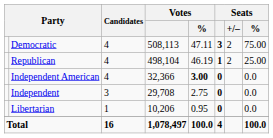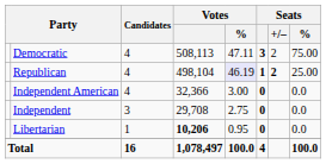 <table class="wikitable" style="font-size: 95%;">
 <tr>
 <th colspan="2" rowspan="2">Party</th>
 <th rowspan="2"><small>Candi</small><small>dates</small></th>
 <th colspan="2">Votes</th>
 <th colspan="3">Seats</th>
 </tr>
 <tr>
 <th></th>
 <th>%</th>
 <th></th>
 <th>+/–</th>
 <th>%</th>
 </tr>
 <tr>
 <td style="background:"></td>
 <td align="left"><a href='#'>Democratic</a></td>
 <td>4</td>
 <td>508,113</td>
 <td>47.11</td>
 <td><strong>3</strong></td>
 <td> 2</td>
 <td>75.00</td>
 </tr>
 <tr>
 <td style="background:"></td>
 <td align="left"><a href='#'>Republican</a></td>
 <td>4</td>
 <td>498,104</td>
-<td>46.19</td>
+<td style="background: lavender;">46.19</td>
 <td><strong>1</strong></td>
-<td> 2</td>
+<td><strong> 2</strong></td>
 <td>25.00</td>
 </tr>
 <tr>
 <td style="background:"></td>
 <td align="left"><a href='#'>Independent American</a></td>
 <td>4</td>
 <td>32,366</td>
-<td><strong>3.00</strong></td>
+<td>3.00</td>
 <td><strong>0</strong></td>
 <td></td>
 <td>0.0</td>
 </tr>
 <tr>
 <td style="background:"></td>
 <td align="left"><a href='#'>Independent</a></td>
 <td>3</td>
 <td>29,708</td>
 <td>2.75</td>
 <td><strong>0</strong></td>
 <td></td>
 <td>0.0</td>
 </tr>
 <tr>
 <td style="background:"></td>
 <td align="left"><a href='#'>Libertarian</a></td>
 <td>1</td>
-<td>10,206</td>
+<td><strong>10,206</strong></td>
 <td>0.95</td>
 <td><strong>0</strong></td>
 <td></td>
 <td>0.0</td>
 </tr>
 <tr>
 </tr>
 <tr style="font-weight:bold">
 <td colspan="2" align="left">Total</td>
 <td>16</td>
 <td>1,078,497</td>
 <td>100.0</td>
 <td>4</td>
 <td></td>
 <td>100.0</td>
 </tr>
 </table>
